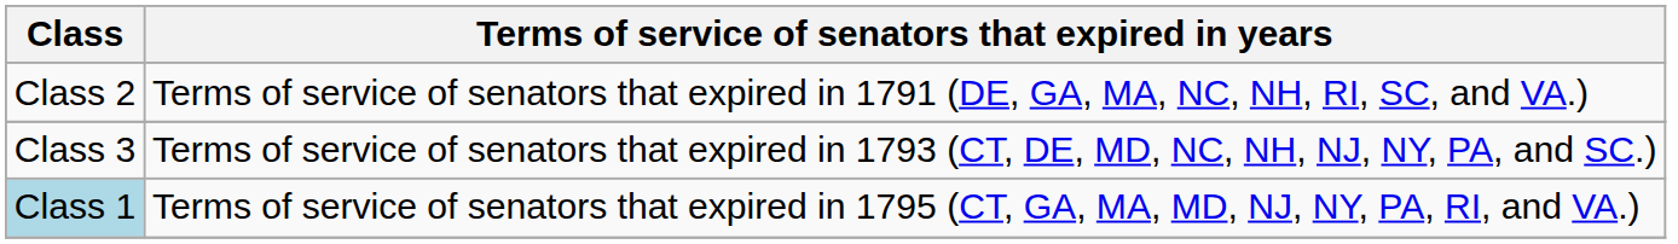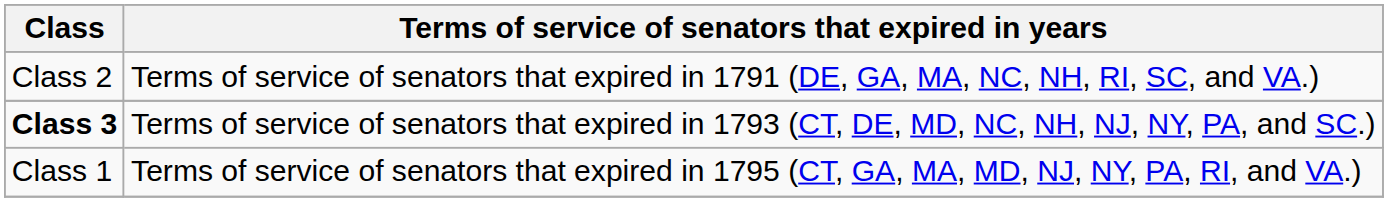 <table class="wikitable sortable">
 <tr valign=bottom>
 <th>Class</th>
 <th>Terms of service of senators that expired in years</th>
 </tr>
 <tr>
 <td>Class 2</td>
 <td>Terms of service of senators that expired in 1791 (<a href='#'>DE</a>, <a href='#'>GA</a>, <a href='#'>MA</a>, <a href='#'>NC</a>, <a href='#'>NH</a>, <a href='#'>RI</a>, <a href='#'>SC</a>, and <a href='#'>VA</a>.)</td>
 </tr>
 <tr>
 </tr>
 <tr>
-<td>Class 3</td>
+<td><strong>Class 3</strong></td>
 <td>Terms of service of senators that expired in 1793 (<a href='#'>CT</a>, <a href='#'>DE</a>, <a href='#'>MD</a>, <a href='#'>NC</a>, <a href='#'>NH</a>, <a href='#'>NJ</a>, <a href='#'>NY</a>,  <a href='#'>PA</a>, and <a href='#'>SC</a>.)</td>
 </tr>
 <tr>
-<td style="background: lightblue;">Class 1</td>
+<td>Class 1</td>
 <td>Terms of service of senators that expired in 1795 (<a href='#'>CT</a>, <a href='#'>GA</a>, <a href='#'>MA</a>, <a href='#'>MD</a>, <a href='#'>NJ</a>, <a href='#'>NY</a>, <a href='#'>PA</a>, <a href='#'>RI</a>, and <a href='#'>VA</a>.)</td>
 </tr>
 <tr>
 </tr>
 </table>
